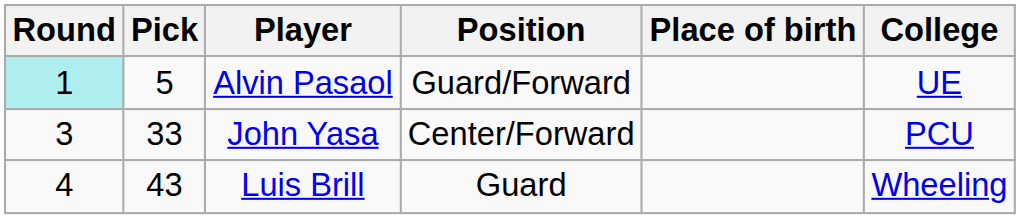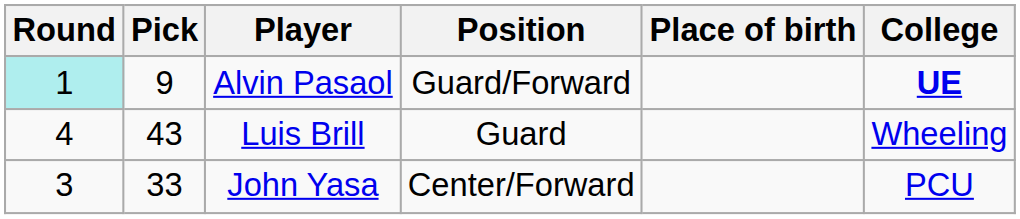 <table class="wikitable sortable sortable" style="text-align:center">
 <tr>
 <th>Round</th>
 <th>Pick</th>
 <th>Player</th>
 <th>Position</th>
 <th>Place of birth</th>
 <th>College</th>
 </tr>
 <tr>
 <td style="background: paleturquoise;">1</td>
-<td>5</td>
+<td>9</td>
 <td><a href='#'>Alvin Pasaol</a></td>
 <td>Guard/Forward</td>
 <td></td>
-<td><a href='#'>UE</a></td>
+<td><strong><a href='#'>UE</a></strong></td>
+</tr>
+<tr>
+<td>4</td>
+<td>43</td>
+<td><a href='#'>Luis Brill</a></td>
+<td>Guard</td>
+<td></td>
+<td><a href='#'>Wheeling</a></td>
 </tr>
 <tr>
 <td>3</td>
 <td>33</td>
 <td><a href='#'>John Yasa</a></td>
 <td>Center/Forward</td>
 <td></td>
 <td><a href='#'>PCU</a></td>
 </tr>
-<tr>
-<td>4</td>
-<td>43</td>
-<td><a href='#'>Luis Brill</a></td>
-<td>Guard</td>
-<td></td>
-<td><a href='#'>Wheeling</a></td>
-</tr>
 </table>
